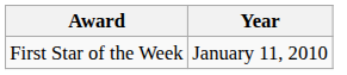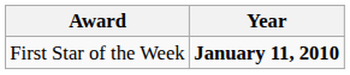 <table class="wikitable" border="1">
 <tr>
 <th>Award</th>
 <th>Year</th>
 </tr>
 <tr>
 <td>First Star of the Week</td>
-<td>January 11, 2010</td>
+<td><strong>January 11, 2010</strong></td>
 </tr>
 </table>
